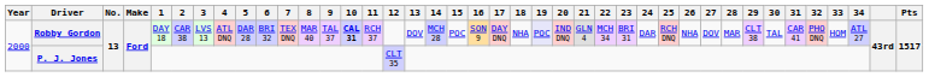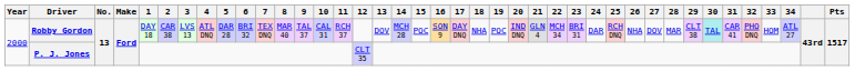 <table class="wikitable" style="text-align:center; font-size:75%">
 <tr>
 <th>Year</th>
 <th>Driver</th>
 <th>No.</th>
 <th>Make</th>
 <th>1</th>
 <th>2</th>
 <th>3</th>
 <th>4</th>
 <th>5</th>
 <th>6</th>
 <th>7</th>
 <th>8</th>
 <th>9</th>
 <th>10</th>
 <th>11</th>
 <th>12</th>
 <th>13</th>
 <th>14</th>
 <th>15</th>
 <th>16</th>
 <th>17</th>
 <th>18</th>
 <th>19</th>
 <th>20</th>
 <th>21</th>
 <th>22</th>
 <th>23</th>
 <th>24</th>
 <th>25</th>
 <th>26</th>
 <th>27</th>
 <th>28</th>
 <th>29</th>
 <th>30</th>
 <th>31</th>
 <th>32</th>
 <th>33</th>
 <th>34</th>
 <th></th>
 <th>Pts</th>
 </tr>
 <tr>
 <td rowspan="2"><a href='#'>2000</a></td>
 <th><a href='#'>Robby Gordon</a></th>
 <th rowspan="2">13</th>
 <th rowspan="2"><a href='#'>Ford</a></th>
 <td style="background:#DFFFDF;"><a href='#'>DAY</a><br><small>18</small></td>
 <td style="background:#CFCFFF;"><a href='#'>CAR</a><br><small>38</small></td>
 <td style="background:#DFFFDF;"><a href='#'>LVS</a><br><small>13</small></td>
 <td style="background:#FFCFCF;"><a href='#'>ATL</a><br><small>DNQ</small></td>
 <td style="background:#CFCFFF;"><a href='#'>DAR</a><br><small>28</small></td>
 <td style="background:#CFCFFF;"><a href='#'>BRI</a><br><small>32</small></td>
 <td style="background:#FFCFCF;"><a href='#'>TEX</a><br><small>DNQ</small></td>
 <td style="background:#EFCFFF;"><a href='#'>MAR</a><br><small>40</small></td>
 <td style="background:#EFCFFF;"><a href='#'>TAL</a><br><small>37</small></td>
-<td style="background:#CFCFFF;"><strong><a href='#'>CAL</a><br><small>31</small></strong></td>
+<td style="background:#CFCFFF;"><a href='#'>CAL</a><br><small>31</small></td>
 <td style="background:#EFCFFF;"><a href='#'>RCH</a><br><small>37</small></td>
 <td></td>
 <td><a href='#'>DOV</a></td>
 <td style="background:#CFCFFF;"><a href='#'>MCH</a><br><small>28</small></td>
 <td><a href='#'>POC</a></td>
 <td style="background:#FFDF9F;"><a href='#'>SON</a><br><small>9</small></td>
 <td style="background:#FFCFCF;"><a href='#'>DAY</a><br><small>DNQ</small></td>
 <td><a href='#'>NHA</a></td>
-<td style="background: lavender;"><a href='#'>POC</a></td>
+<td><a href='#'>POC</a></td>
 <td style="background:#FFCFCF;"><a href='#'>IND</a><br><small>DNQ</small></td>
 <td style="background:#DFDFDF;"><a href='#'>GLN</a><br><small>4</small></td>
 <td style="background:#EFCFFF;"><a href='#'>MCH</a><br><small>34</small></td>
 <td style="background:#EFCFFF;"><a href='#'>BRI</a><br><small>31</small></td>
 <td><a href='#'>DAR</a></td>
 <td style="background:#FFCFCF;"><a href='#'>RCH</a><br><small>DNQ</small></td>
 <td><a href='#'>NHA</a></td>
 <td><a href='#'>DOV</a></td>
 <td><a href='#'>MAR</a></td>
 <td style="background:#EFCFFF;"><a href='#'>CLT</a><br><small>38</small></td>
-<td><a href='#'>TAL</a></td>
+<td style="background: paleturquoise;"><a href='#'>TAL</a></td>
 <td style="background:#EFCFFF;"><a href='#'>CAR</a><br><small>41</small></td>
 <td style="background:#FFCFCF;"><a href='#'>PHO</a><br><small>DNQ</small></td>
 <td><a href='#'>HOM</a></td>
 <td style="background:#CFCFFF;"><a href='#'>ATL</a><br><small>27</small></td>
 <th rowspan="2">43rd</th>
 <th rowspan="2">1517</th>
 </tr>
 <tr>
 <th><a href='#'>P. J. Jones</a></th>
 <td colspan=11></td>
 <td style="background:#CFCFFF;"><a href='#'>CLT</a><br><small>35</small></td>
 <td colspan=22></td>
 </tr>
 </table>
